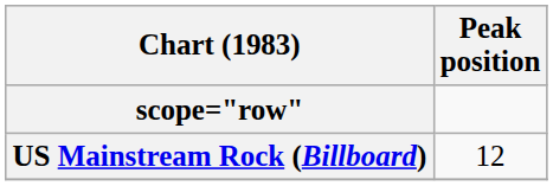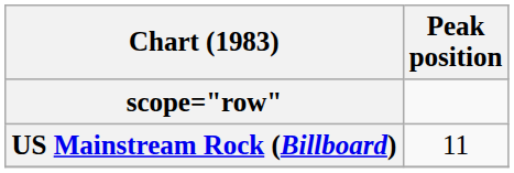 <table class="wikitable sortable plainrowheaders" style="text-align:center;">
 <tr>
 <th scope="col">Chart (1983)</th>
 <th scope="col">Peak<br>position</th>
 </tr>
 <tr>
 <th>scope="row"</th>
 </tr>
 <tr>
 <th scope="row">US <a href='#'>Mainstream Rock</a> (<em><a href='#'>Billboard</a></em>)</th>
-<td>12</td>
+<td>11</td>
 </tr>
 <tr>
 </tr>
 </table>
